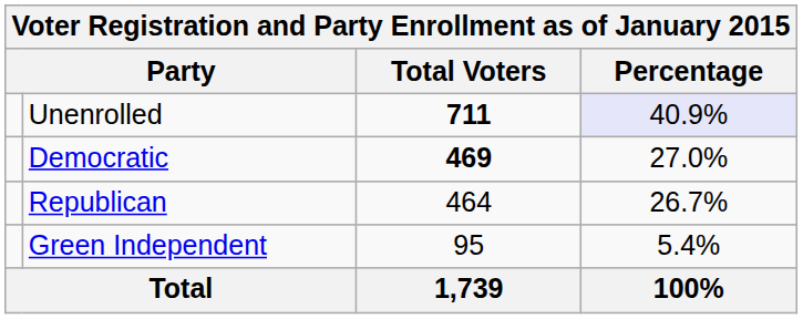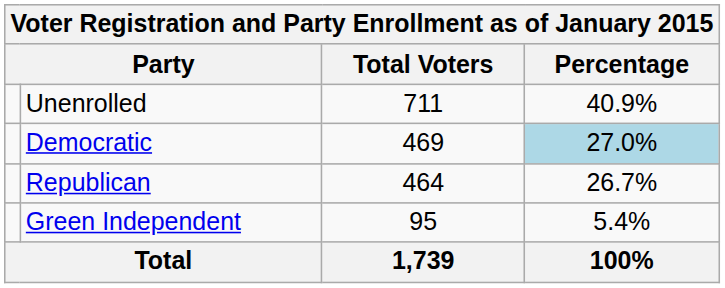 <table class=wikitable>
 <tr>
 <th colspan = 6>Voter Registration and Party Enrollment as of January 2015</th>
 </tr>
 <tr>
 <th colspan = 2>Party</th>
 <th>Total Voters</th>
 <th>Percentage</th>
 </tr>
 <tr>
 <td></td>
 <td>Unenrolled</td>
-<td align = center><strong>711</strong></td>
-<td align = center style="background: lavender;">40.9%</td>
+<td align = center>711</td>
+<td align = center>40.9%</td>
 </tr>
 <tr>
 <td></td>
 <td><a href='#'>Democratic</a></td>
-<td align = center><strong>469</strong></td>
-<td align = center>27.0%</td>
+<td align = center>469</td>
+<td align = center style="background: lightblue;">27.0%</td>
 </tr>
 <tr>
 <td></td>
 <td><a href='#'>Republican</a></td>
 <td align = center>464</td>
 <td align = center>26.7%</td>
 </tr>
 <tr>
 <td></td>
 <td><a href='#'>Green Independent</a></td>
 <td align = center>95</td>
 <td align = center>5.4%</td>
 </tr>
 <tr>
 <th colspan = 2>Total</th>
 <th align = center>1,739</th>
 <th align = center>100%</th>
 </tr>
 </table>
